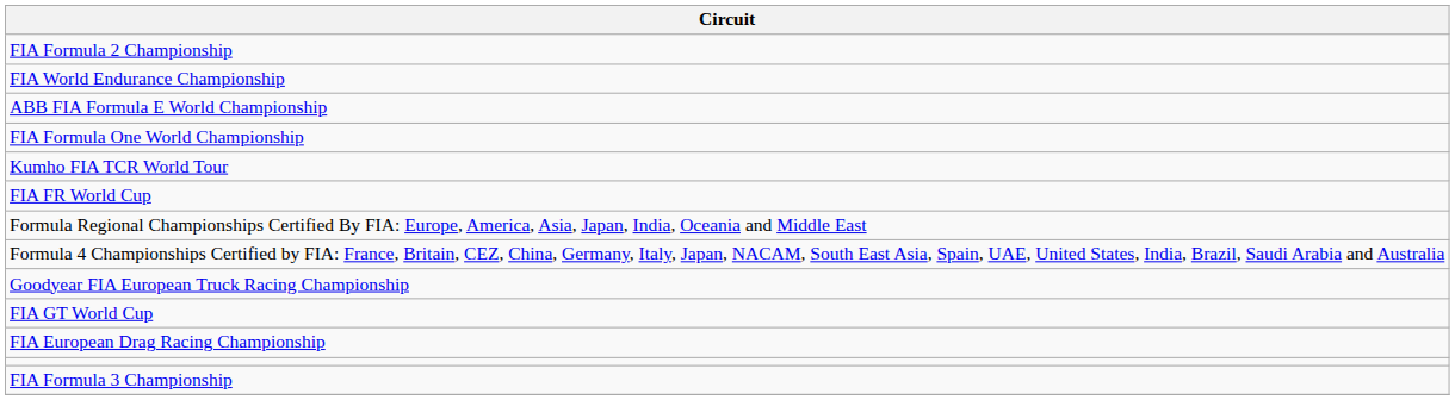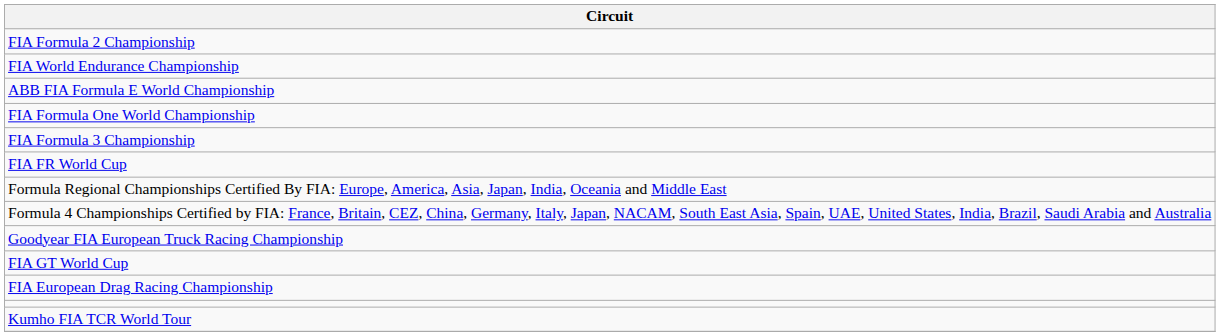 <table class="wikitable">
 <tr>
 <th>Circuit</th>
 </tr>
 <tr>
 <td><a href='#'>FIA Formula 2 Championship</a></td>
 </tr>
 <tr>
 <td><a href='#'>FIA World Endurance Championship</a></td>
 </tr>
 <tr>
 <td><a href='#'>ABB FIA Formula E World Championship</a></td>
 </tr>
 <tr>
 <td><a href='#'>FIA Formula One World Championship</a></td>
 </tr>
 <tr>
-<td><a href='#'>Kumho FIA TCR World Tour</a></td>
+<td><a href='#'>FIA Formula 3 Championship</a></td>
 </tr>
 <tr>
 <td><a href='#'>FIA FR World Cup</a></td>
 </tr>
 <tr>
 <td>Formula Regional Championships Certified By FIA: <a href='#'>Europe</a>, <a href='#'>America</a>, <a href='#'>Asia</a>, <a href='#'>Japan</a>, <a href='#'>India</a>, <a href='#'>Oceania</a> and <a href='#'>Middle East</a></td>
 </tr>
 <tr>
 <td>Formula 4 Championships Certified by FIA: <a href='#'>France</a>, <a href='#'>Britain</a>, <a href='#'>CEZ</a>, <a href='#'>China</a>, <a href='#'>Germany</a>, <a href='#'>Italy</a>, <a href='#'>Japan</a>, <a href='#'>NACAM</a>, <a href='#'>South East Asia</a>, <a href='#'>Spain</a>, <a href='#'>UAE</a>, <a href='#'>United States</a>, <a href='#'>India</a>, <a href='#'>Brazil</a>, <a href='#'>Saudi Arabia</a> and <a href='#'>Australia</a></td>
 </tr>
 <tr>
 <td><a href='#'>Goodyear FIA European Truck Racing Championship</a></td>
 </tr>
 <tr>
 <td><a href='#'>FIA GT World Cup</a></td>
 </tr>
 <tr>
 <td><a href='#'>FIA European Drag Racing Championship</a></td>
 </tr>
 <tr>
 <td></td>
 </tr>
 <tr>
-<td><a href='#'>FIA Formula 3 Championship</a></td>
+<td><a href='#'>Kumho FIA TCR World Tour</a></td>
 </tr>
 <tr>
 </tr>
 </table>
